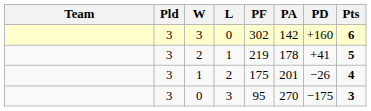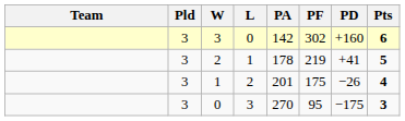 <table class=wikitable style="text-align:center">
 <tr>
 <th width=180>Team</th>
 <th width=30>Pld</th>
 <th width=30>W</th>
 <th width=30>L</th>
+<th width=30>PA</th>
 <th width=30>PF</th>
-<th width=30>PA</th>
 <th width=30>PD</th>
 <th width=30>Pts</th>
 </tr>
 <tr bgcolor="#ffffcc">
 <td align="left"></td>
 <td>3</td>
 <td>3</td>
 <td>0</td>
+<td>142</td>
 <td>302</td>
-<td>142</td>
 <td>+160</td>
 <td><strong>6</strong></td>
 </tr>
 <tr>
 <td align="left"></td>
 <td>3</td>
 <td>2</td>
 <td>1</td>
+<td>178</td>
 <td>219</td>
-<td>178</td>
 <td>+41</td>
 <td><strong>5</strong></td>
 </tr>
 <tr>
 <td align="left"></td>
 <td>3</td>
 <td>1</td>
 <td>2</td>
+<td>201</td>
 <td>175</td>
-<td>201</td>
 <td>−26</td>
 <td><strong>4</strong></td>
 </tr>
 <tr>
 <td align="left"></td>
 <td>3</td>
 <td>0</td>
 <td>3</td>
+<td>270</td>
 <td>95</td>
-<td>270</td>
 <td>−175</td>
 <td><strong>3</strong></td>
 </tr>
 </table>
